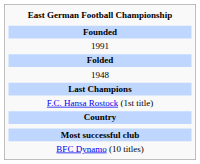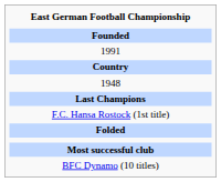 <table class="infobox football" style="width: 16em; text-align: center">
 <tr>
 <th style="font-size: 12px;">East German Football Championship</th>
 </tr>
 <tr>
 <td style="font-size: 12px;"></td>
 </tr>
 <tr>
 <td style="font-size: 12px; background: #BFD7FF;"><strong>Founded</strong></td>
 </tr>
 <tr>
 <td style="font-size: 12px;">1991</td>
 </tr>
 <tr>
-<td style="font-size: 12px; background: #BFD7FF;"><strong>Folded</strong></td>
+<td style="font-size: 12px; background: #BFD7FF;"><strong>Country</strong></td>
 </tr>
 <tr>
 <td style="font-size: 12px;">1948</td>
 </tr>
 <tr>
 <td style="font-size: 12px; background: #BFD7FF;"><strong>Last Champions</strong></td>
 </tr>
 <tr>
 <td style="font-size: 12px;"><a href='#'>F.C. Hansa Rostock</a> (1st title)</td>
 </tr>
 <tr>
-<td style="font-size: 12px; background: #BFD7FF;"><strong>Country</strong></td>
+<td style="font-size: 12px; background: #BFD7FF;"><strong>Folded</strong></td>
 </tr>
 <tr>
 <td style="font-size: 12px;"></td>
 </tr>
 <tr>
 <td style="font-size: 12px; background: #BFD7FF;"><strong>Most successful club</strong></td>
 </tr>
 <tr>
 <td style="font-size: 12px;"><a href='#'>BFC Dynamo</a> (10 titles)</td>
 </tr>
 </table>
